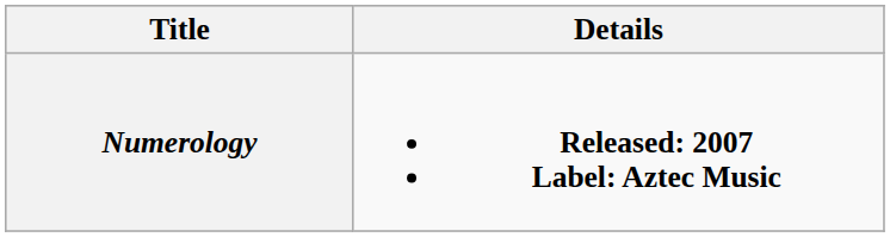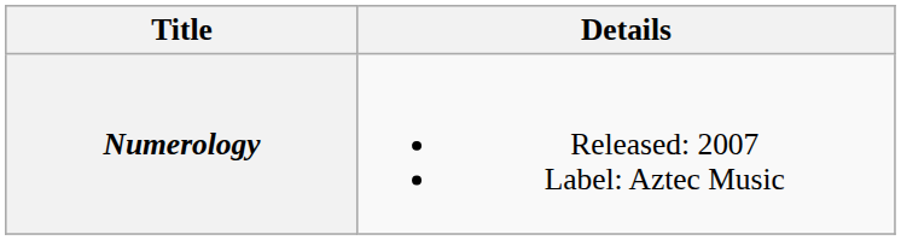 <table class="wikitable plainrowheaders" style="text-align:center;" border="1">
 <tr>
 <th scope="col" style="width:11em;">Title</th>
 <th scope="col" style="width:17em;">Details</th>
 </tr>
 <tr>
 <th scope="row"><em>Numerology</em></th>
-<td><strong><br><ul><li>Released: 2007</li><li>Label: Aztec Music</li></ul></strong></td>
+<td><br><ul><li>Released: 2007</li><li>Label: Aztec Music</li></ul></td>
 </tr>
 </table>
